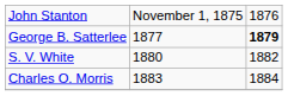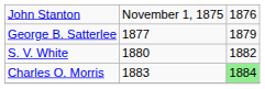 <table class="wikitable">
 <tr>
 <td><a href='#'>John Stanton</a></td>
 <td>November 1, 1875</td>
 <td>1876</td>
 </tr>
 <tr>
 <td><a href='#'>George B. Satterlee</a></td>
 <td>1877</td>
-<td><strong>1879</strong></td>
+<td>1879</td>
 </tr>
 <tr>
 <td><a href='#'>S. V. White</a></td>
 <td>1880</td>
 <td>1882</td>
 </tr>
 <tr>
 <td><a href='#'>Charles O. Morris</a></td>
 <td>1883</td>
-<td>1884</td>
+<td style="background: lightgreen;">1884</td>
 </tr>
 <tr>
 </tr>
 </table>
